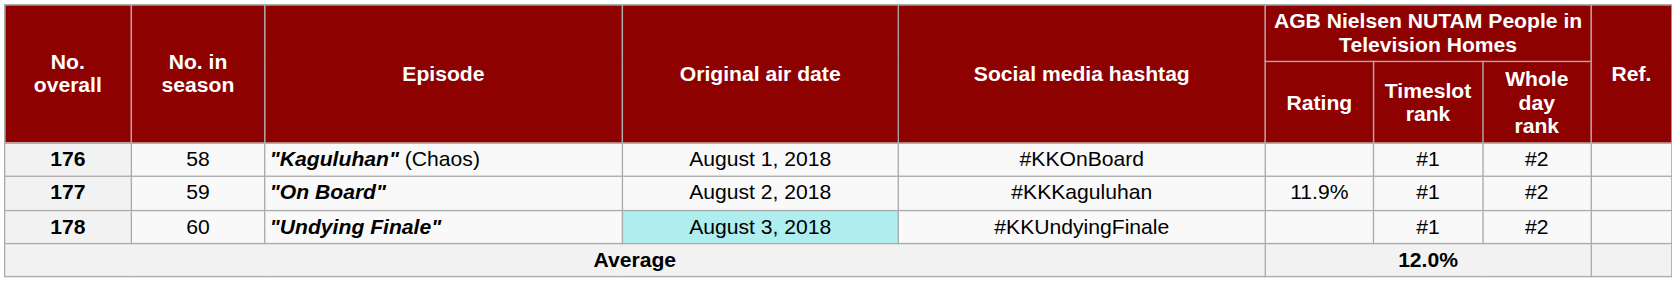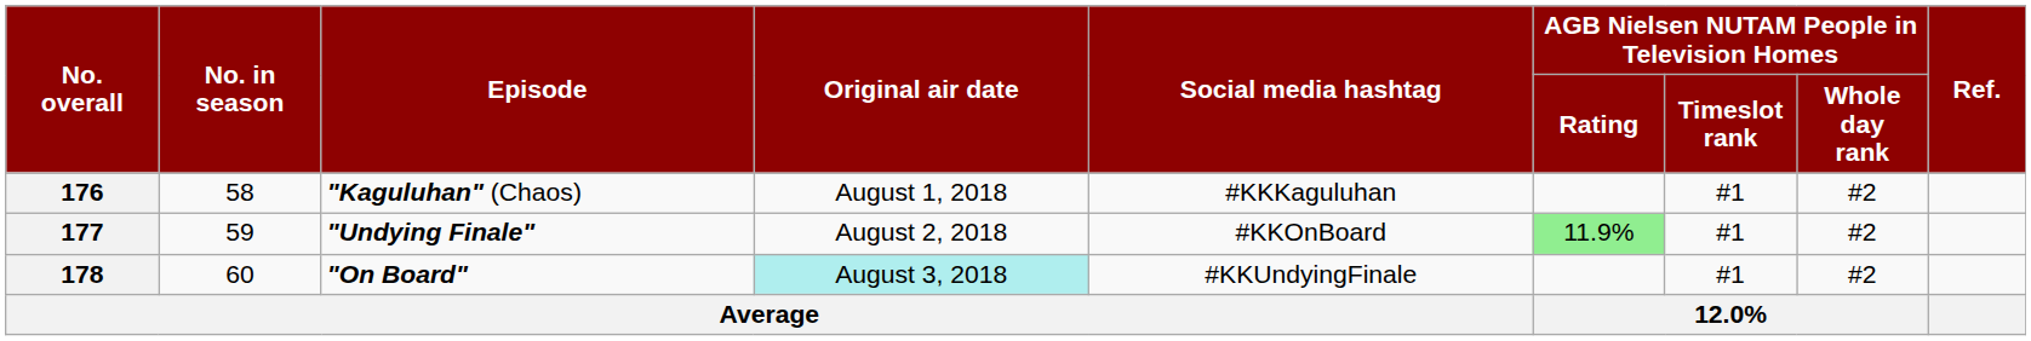 <table class="wikitable" style="text-align:center; font-size:100%; line-height:18px;" width="100%">
 <tr>
 <th style="background-color:#8e0101; color:#ffffff;" rowspan="2">No.<br>overall</th>
 <th style="background-color:#8e0101; color:#ffffff;" rowspan="2">No. in<br>season</th>
 <th style="background-color:#8e0101; color:#ffffff;" rowspan="2">Episode</th>
 <th style="background-color:#8e0101; color:white" rowspan="2">Original air date</th>
 <th style="background-color:#8e0101; color:white" rowspan="2">Social media hashtag</th>
 <th style="background-color:#8e0101; color:#ffffff;" colspan="3">AGB Nielsen NUTAM People in Television Homes</th>
 <th style="background-color:#8e0101;  color:#ffffff;" rowspan="2">Ref.</th>
 </tr>
 <tr>
 <th style="background-color:#8e0101; width:75px; color:#ffffff;">Rating</th>
 <th style="background-color:#8e0101; width:75px; color:#ffffff;">Timeslot<br>rank</th>
 <th style="background-color:#8e0101; width:75px; color:#ffffff;">Whole day<br>rank</th>
 </tr>
 <tr>
 <th>176</th>
 <td>58</td>
 <td style="text-align: left;"><strong><em>"Kaguluhan"</em></strong> (Chaos)</td>
 <td>August 1, 2018</td>
-<td>#KKOnBoard</td>
+<td>#KKKaguluhan</td>
 <td></td>
 <td>#1</td>
 <td>#2</td>
 <td></td>
 </tr>
 <tr>
 <th>177</th>
 <td>59</td>
-<td style="text-align: left;"><strong><em>"On Board"</em></strong></td>
+<td style="text-align: left;"><strong><em>"Undying Finale"</em></strong></td>
 <td>August 2, 2018</td>
-<td>#KKKaguluhan</td>
-<td>11.9%</td>
+<td>#KKOnBoard</td>
+<td style="background: lightgreen;">11.9%</td>
 <td>#1</td>
 <td>#2</td>
 <td></td>
 </tr>
 <tr>
 <th>178</th>
 <td>60</td>
-<td style="text-align: left;"><strong><em>"Undying Finale"</em></strong></td>
+<td style="text-align: left;"><strong><em>"On Board"</em></strong></td>
 <td style="background: paleturquoise;">August 3, 2018</td>
 <td>#KKUndyingFinale</td>
 <td></td>
 <td>#1</td>
 <td>#2</td>
 <td></td>
 </tr>
 <tr>
 <th colspan="5">Average</th>
 <th colspan="3">12.0%</th>
 <th></th>
 </tr>
 </table>
